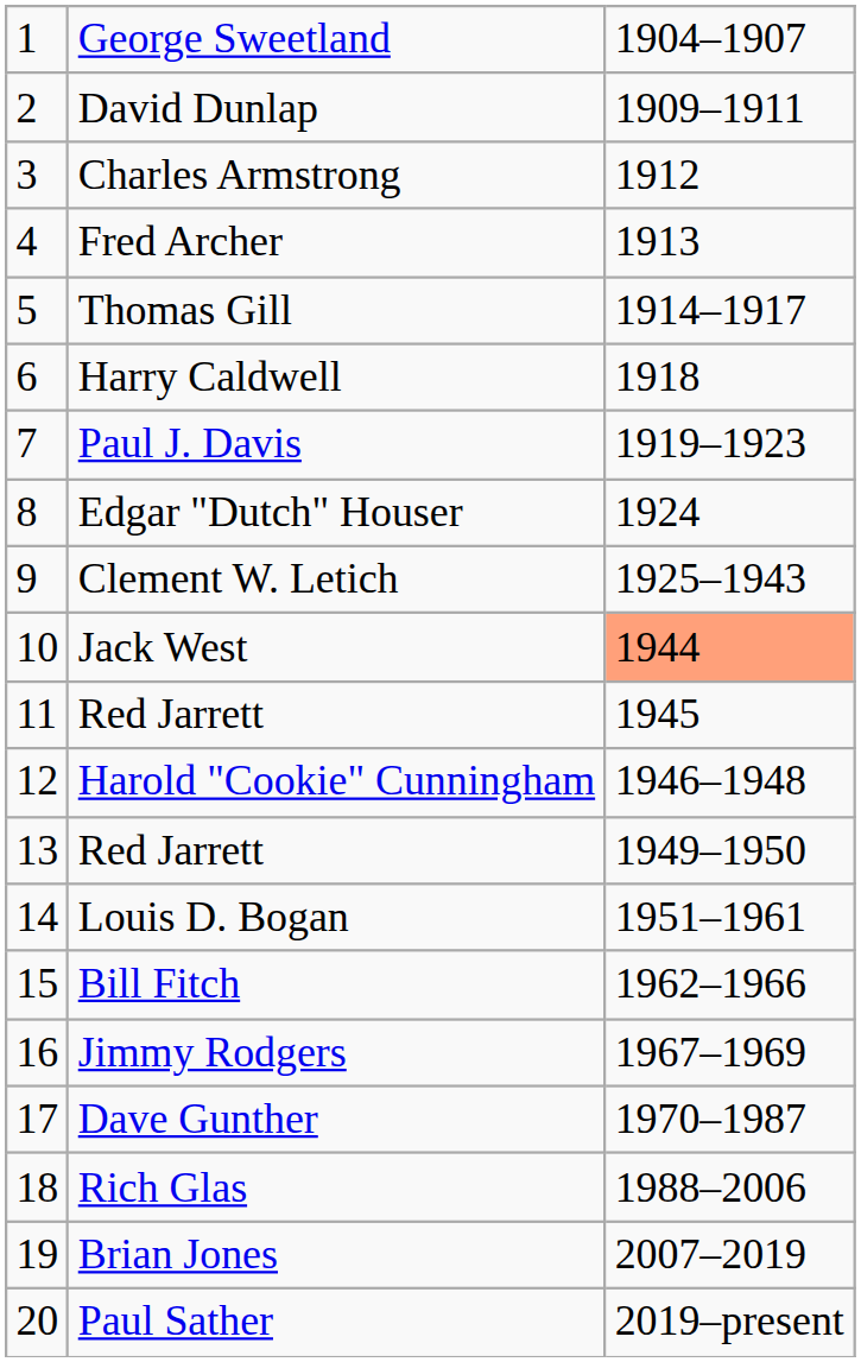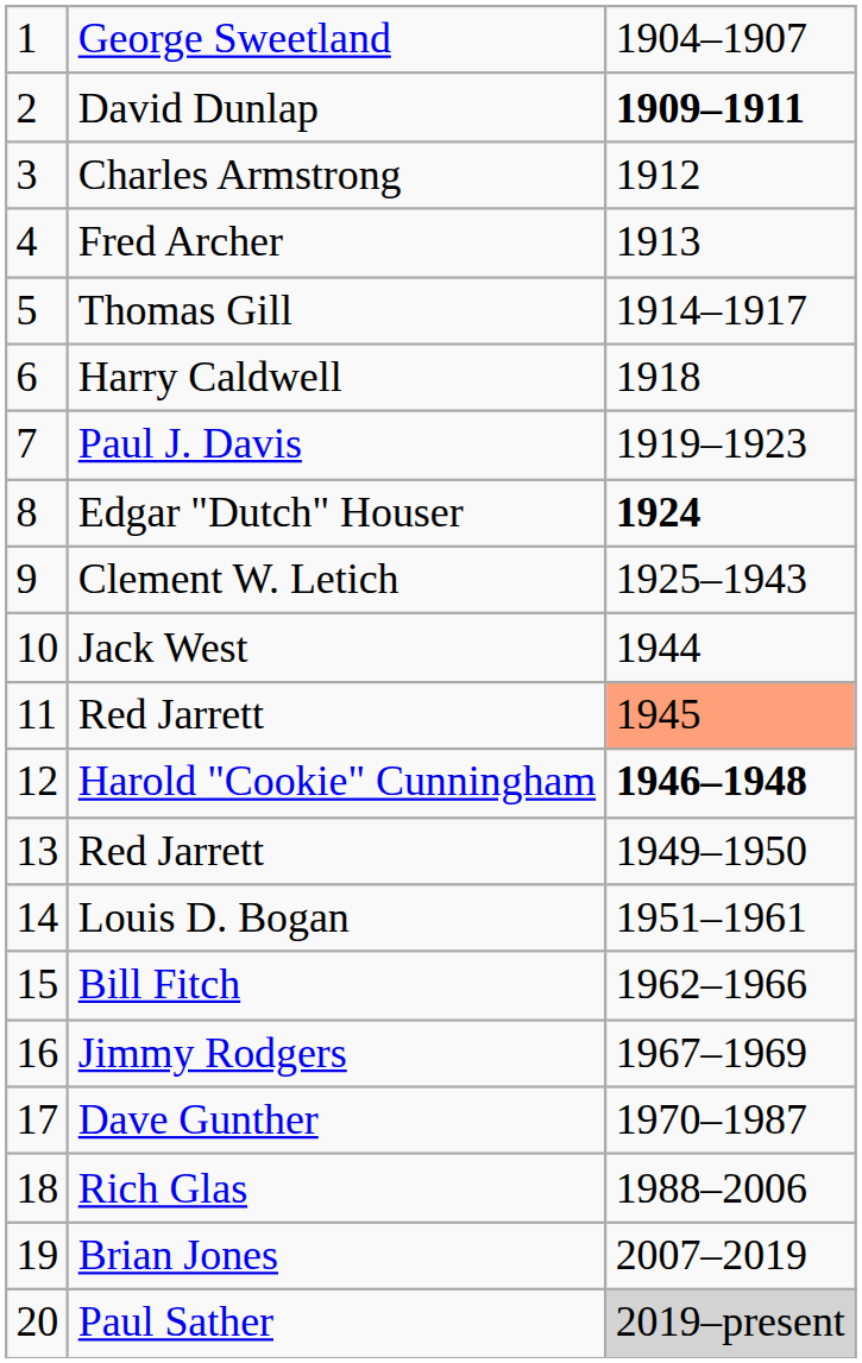 <table class="wikitable">
 <tr>
 <td>1</td>
 <td><a href='#'>George Sweetland</a></td>
 <td>1904–1907</td>
 </tr>
 <tr>
 <td>2</td>
 <td>David Dunlap</td>
-<td>1909–1911</td>
+<td><strong>1909–1911</strong></td>
 </tr>
 <tr>
 <td>3</td>
 <td>Charles Armstrong</td>
 <td>1912</td>
 </tr>
 <tr>
 <td>4</td>
 <td>Fred Archer</td>
 <td>1913</td>
 </tr>
 <tr>
 <td>5</td>
 <td>Thomas Gill</td>
 <td>1914–1917</td>
 </tr>
 <tr>
 <td>6</td>
 <td>Harry Caldwell</td>
 <td>1918</td>
 </tr>
 <tr>
 <td>7</td>
 <td><a href='#'>Paul J. Davis</a></td>
 <td>1919–1923</td>
 </tr>
 <tr>
 <td>8</td>
 <td>Edgar "Dutch" Houser</td>
-<td>1924</td>
+<td><strong>1924</strong></td>
 </tr>
 <tr>
 <td>9</td>
 <td>Clement W. Letich</td>
 <td>1925–1943</td>
 </tr>
 <tr>
 <td>10</td>
 <td>Jack West</td>
-<td style="background: lightsalmon;">1944</td>
+<td>1944</td>
 </tr>
 <tr>
 <td>11</td>
 <td>Red Jarrett</td>
-<td>1945</td>
+<td style="background: lightsalmon;">1945</td>
 </tr>
 <tr>
 <td>12</td>
 <td><a href='#'>Harold "Cookie" Cunningham</a></td>
-<td>1946–1948</td>
+<td><strong>1946–1948</strong></td>
 </tr>
 <tr>
 <td>13</td>
 <td>Red Jarrett</td>
 <td>1949–1950</td>
 </tr>
 <tr>
 <td>14</td>
 <td>Louis D. Bogan</td>
 <td>1951–1961</td>
 </tr>
 <tr>
 <td>15</td>
 <td><a href='#'>Bill Fitch</a></td>
 <td>1962–1966</td>
 </tr>
 <tr>
 <td>16</td>
 <td><a href='#'>Jimmy Rodgers</a></td>
 <td>1967–1969</td>
 </tr>
 <tr>
 <td>17</td>
 <td><a href='#'>Dave Gunther</a></td>
 <td>1970–1987</td>
 </tr>
 <tr>
 <td>18</td>
 <td><a href='#'>Rich Glas</a></td>
 <td>1988–2006</td>
 </tr>
 <tr>
 <td>19</td>
 <td><a href='#'>Brian Jones</a></td>
 <td>2007–2019</td>
 </tr>
 <tr>
 <td>20</td>
 <td><a href='#'>Paul Sather</a></td>
-<td>2019–present</td>
+<td style="background: lightgrey;">2019–present</td>
 </tr>
 </table>
